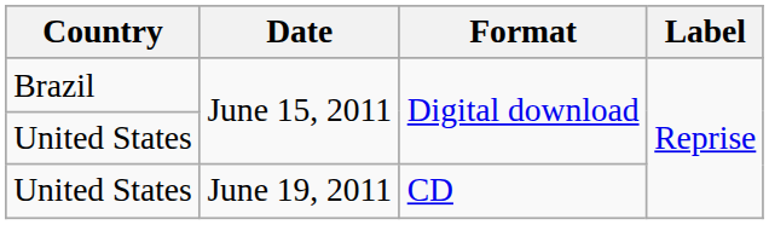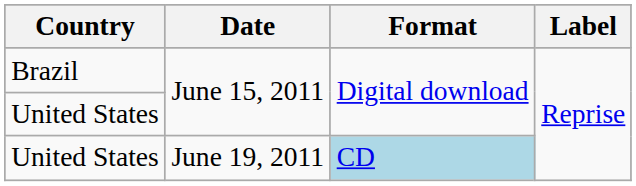 <table class="wikitable plainrowheaders">
 <tr>
 <th>Country</th>
 <th>Date</th>
 <th>Format</th>
 <th>Label</th>
 </tr>
 <tr>
 <td>Brazil</td>
 <td rowspan="2">June 15, 2011</td>
 <td rowspan="2"><a href='#'>Digital download</a></td>
 <td rowspan="3"><a href='#'>Reprise</a></td>
 </tr>
 <tr>
 <td>United States</td>
 </tr>
 <tr>
 <td>United States</td>
 <td>June 19, 2011</td>
-<td><a href='#'>CD</a></td>
+<td style="background: lightblue;"><a href='#'>CD</a></td>
 </tr>
 </table>
